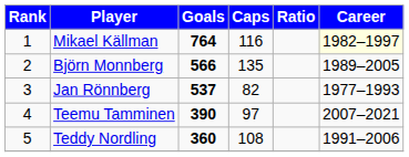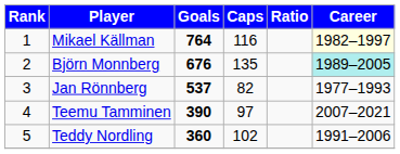 <table class="wikitable sortable" style="text-align:center;">
 <tr>
 <th style="background-color:#0000FF; color:white; ">Rank</th>
 <th style="background-color:#0000FF; color:white; ">Player</th>
 <th style="background-color:#0000FF; color:white; ">Goals</th>
 <th style="background-color:#0000FF; color:white; ">Caps</th>
 <th style="background-color:#0000FF; color:white; ">Ratio</th>
 <th style="background-color:#0000FF; color:white; ">Career</th>
 </tr>
 <tr>
 <td>1</td>
 <td style="text-align:left;"><a href='#'>Mikael Källman</a></td>
 <td><strong>764</strong></td>
 <td>116</td>
 <td></td>
 <td style="background: lightyellow;">1982–1997</td>
 </tr>
 <tr>
 <td>2</td>
 <td style="text-align:left;"><a href='#'>Björn Monnberg</a></td>
-<td><strong>566</strong></td>
+<td><strong>676</strong></td>
 <td>135</td>
 <td></td>
-<td>1989–2005</td>
+<td style="background: paleturquoise;">1989–2005</td>
 </tr>
 <tr>
 <td>3</td>
 <td style="text-align:left;"><a href='#'>Jan Rönnberg</a></td>
 <td><strong>537</strong></td>
 <td>82</td>
 <td></td>
 <td>1977–1993</td>
 </tr>
 <tr>
 <td>4</td>
 <td style="text-align:left;"><a href='#'>Teemu Tamminen</a></td>
 <td><strong>390</strong></td>
 <td>97</td>
 <td></td>
 <td>2007–2021</td>
 </tr>
 <tr>
 <td>5</td>
 <td style="text-align:left;"><a href='#'>Teddy Nordling</a></td>
 <td><strong>360</strong></td>
-<td>108</td>
+<td>102</td>
 <td></td>
 <td>1991–2006</td>
 </tr>
 <tr>
 </tr>
 </table>
